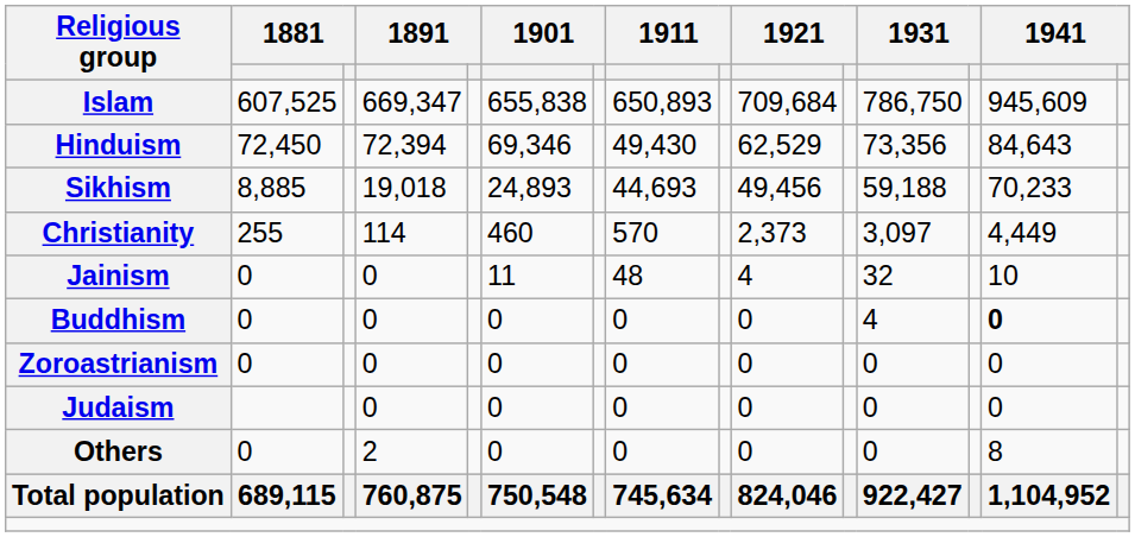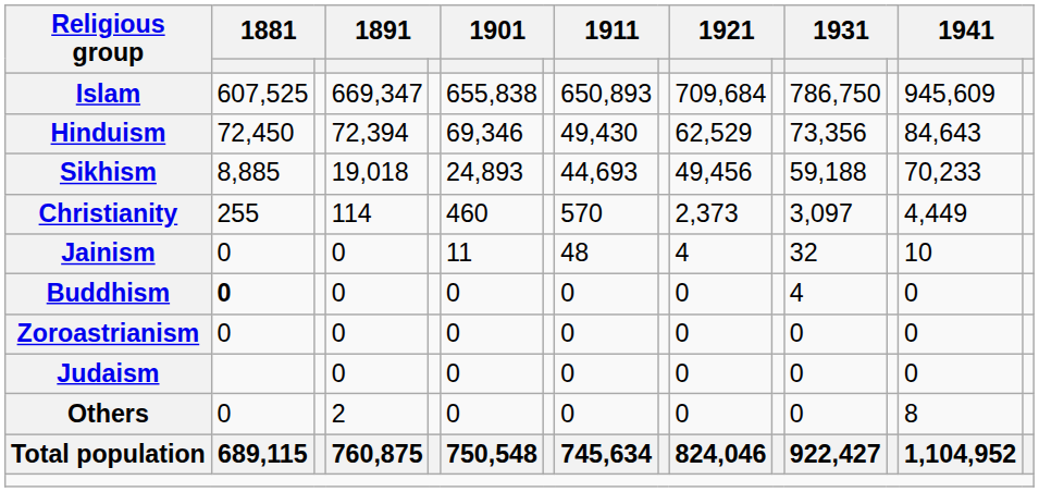 <table class="wikitable sortable">
 <tr>
 <th rowspan="2"><a href='#'>Religious</a><br>group</th>
 <th colspan="2">1881</th>
 <th colspan="2">1891</th>
 <th colspan="2">1901</th>
 <th colspan="2">1911</th>
 <th colspan="2">1921</th>
 <th colspan="2">1931</th>
 <th colspan="2">1941</th>
 </tr>
 <tr>
 <th><a href='#'></a></th>
 <th></th>
 <th></th>
 <th></th>
 <th></th>
 <th></th>
 <th></th>
 <th></th>
 <th></th>
 <th></th>
 <th></th>
 <th></th>
 <th></th>
 <th></th>
 </tr>
 <tr>
 <th><a href='#'>Islam</a> </th>
 <td>607,525</td>
 <td></td>
 <td>669,347</td>
 <td></td>
 <td>655,838</td>
 <td></td>
 <td>650,893</td>
 <td></td>
 <td>709,684</td>
 <td></td>
 <td>786,750</td>
 <td></td>
 <td>945,609</td>
 <td></td>
 </tr>
 <tr>
 <th><a href='#'>Hinduism</a> </th>
 <td>72,450</td>
 <td></td>
 <td>72,394</td>
 <td></td>
 <td>69,346</td>
 <td></td>
 <td>49,430</td>
 <td></td>
 <td>62,529</td>
 <td></td>
 <td>73,356</td>
 <td></td>
 <td>84,643</td>
 <td></td>
 </tr>
 <tr>
 <th><a href='#'>Sikhism</a> </th>
 <td>8,885</td>
 <td></td>
 <td>19,018</td>
 <td></td>
 <td>24,893</td>
 <td></td>
 <td>44,693</td>
 <td></td>
 <td>49,456</td>
 <td></td>
 <td>59,188</td>
 <td></td>
 <td>70,233</td>
 <td></td>
 </tr>
 <tr>
 <th><a href='#'>Christianity</a> </th>
 <td>255</td>
 <td></td>
 <td>114</td>
 <td></td>
 <td>460</td>
 <td></td>
 <td>570</td>
 <td></td>
 <td>2,373</td>
 <td></td>
 <td>3,097</td>
 <td></td>
 <td>4,449</td>
 <td></td>
 </tr>
 <tr>
 <th><a href='#'>Jainism</a> </th>
 <td>0</td>
 <td></td>
 <td>0</td>
 <td></td>
 <td>11</td>
 <td></td>
 <td>48</td>
 <td></td>
 <td>4</td>
 <td></td>
 <td>32</td>
 <td></td>
 <td>10</td>
 <td></td>
 </tr>
 <tr>
 <th><a href='#'>Buddhism</a> </th>
-<td>0</td>
+<td><strong>0</strong></td>
 <td></td>
 <td>0</td>
 <td></td>
 <td>0</td>
 <td></td>
 <td>0</td>
 <td></td>
 <td>0</td>
 <td></td>
 <td>4</td>
 <td></td>
-<td><strong>0</strong></td>
+<td>0</td>
 <td></td>
 </tr>
 <tr>
 <th><a href='#'>Zoroastrianism</a> </th>
 <td>0</td>
 <td></td>
 <td>0</td>
 <td></td>
 <td>0</td>
 <td></td>
 <td>0</td>
 <td></td>
 <td>0</td>
 <td></td>
 <td>0</td>
 <td></td>
 <td>0</td>
 <td></td>
 </tr>
 <tr>
 <th><a href='#'>Judaism</a> </th>
 <td></td>
 <td></td>
 <td>0</td>
 <td></td>
 <td>0</td>
 <td></td>
 <td>0</td>
 <td></td>
 <td>0</td>
 <td></td>
 <td>0</td>
 <td></td>
 <td>0</td>
 <td></td>
 </tr>
 <tr>
 <th>Others</th>
 <td>0</td>
 <td></td>
 <td>2</td>
 <td></td>
 <td>0</td>
 <td></td>
 <td>0</td>
 <td></td>
 <td>0</td>
 <td></td>
 <td>0</td>
 <td></td>
 <td>8</td>
 <td></td>
 </tr>
 <tr>
 <th>Total population</th>
 <th>689,115</th>
 <th></th>
 <th>760,875</th>
 <th></th>
 <th>750,548</th>
 <th></th>
 <th>745,634</th>
 <th></th>
 <th>824,046</th>
 <th></th>
 <th>922,427</th>
 <th></th>
 <th>1,104,952</th>
 <th></th>
 </tr>
 <tr class="sortbottom">
 <td colspan="15"></td>
 </tr>
 </table>
